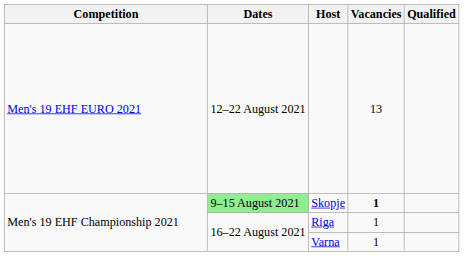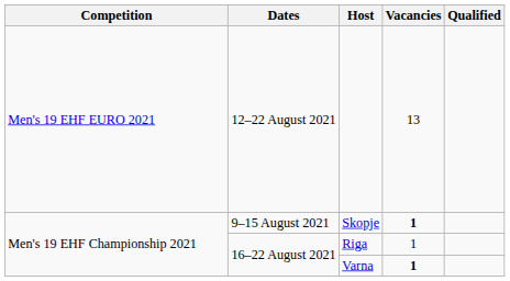 <table class="wikitable">
 <tr>
 <th style="width: 260px;">Competition</th>
 <th>Dates</th>
 <th>Host</th>
 <th>Vacancies</th>
 <th>Qualified</th>
 </tr>
 <tr>
 <td><a href='#'>Men's 19 EHF EURO 2021</a></td>
 <td>12–22 August 2021</td>
 <td></td>
 <td align=center>13</td>
 <td><br><br><br><br><br><br><br><br><br><br><br><br></td>
 </tr>
 <tr>
 <td rowspan=3>Men's 19 EHF Championship 2021</td>
-<td style="background: lightgreen;">9–15 August 2021</td>
+<td>9–15 August 2021</td>
 <td> <a href='#'>Skopje</a></td>
 <td align=center><strong>1</strong></td>
 <td></td>
 </tr>
 <tr>
 <td rowspan=2>16–22 August 2021</td>
 <td> <a href='#'>Riga</a></td>
 <td align=center>1</td>
 <td></td>
 </tr>
 <tr>
 <td> <a href='#'>Varna</a></td>
-<td align=center>1</td>
+<td align=center><strong>1</strong></td>
 <td></td>
 </tr>
 </table>
